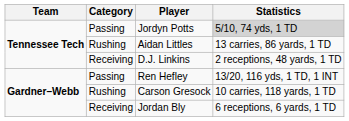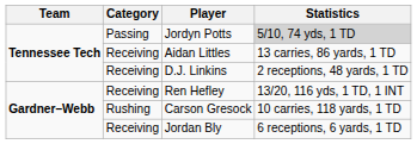 <table class="wikitable" style="float: right;">
 <tr>
 <th>Team</th>
 <th>Category</th>
 <th>Player</th>
 <th>Statistics</th>
 </tr>
 <tr>
 <td rowspan=3><strong>Tennessee Tech</strong></td>
 <td>Passing</td>
 <td>Jordyn Potts</td>
 <td style="background: lightgrey;">5/10, 74 yds, 1 TD</td>
 </tr>
 <tr>
-<td>Rushing</td>
+<td>Receiving</td>
 <td>Aidan Littles</td>
 <td>13 carries, 86 yards, 1 TD</td>
 </tr>
 <tr>
 <td>Receiving</td>
 <td>D.J. Linkins</td>
 <td>2 receptions, 48 yards, 1 TD</td>
 </tr>
 <tr>
 <td rowspan=3><strong>Gardner–Webb</strong></td>
-<td>Passing</td>
+<td>Receiving</td>
 <td>Ren Hefley</td>
 <td>13/20, 116 yds, 1 TD, 1 INT</td>
 </tr>
 <tr>
 <td>Rushing</td>
 <td>Carson Gresock</td>
 <td>10 carries, 118 yards, 1 TD</td>
 </tr>
 <tr>
 <td>Receiving</td>
 <td>Jordan Bly</td>
 <td>6 receptions, 6 yards, 1 TD</td>
 </tr>
 </table>
